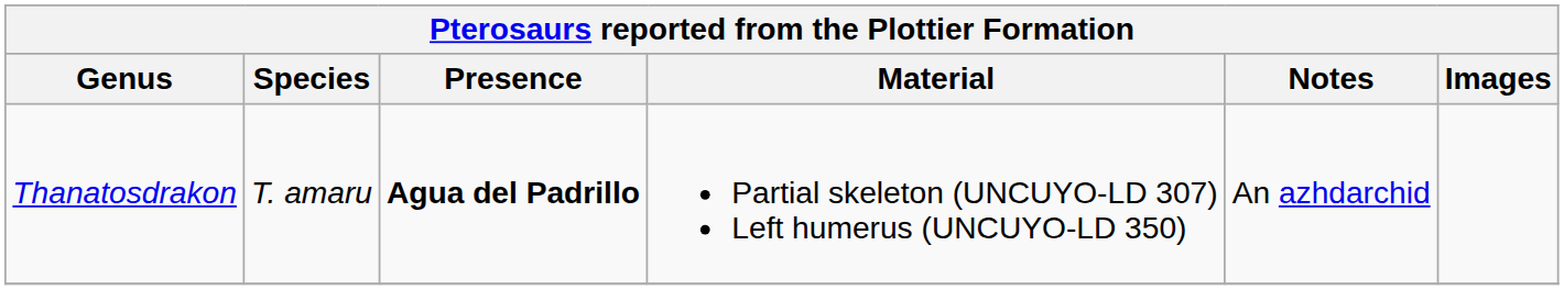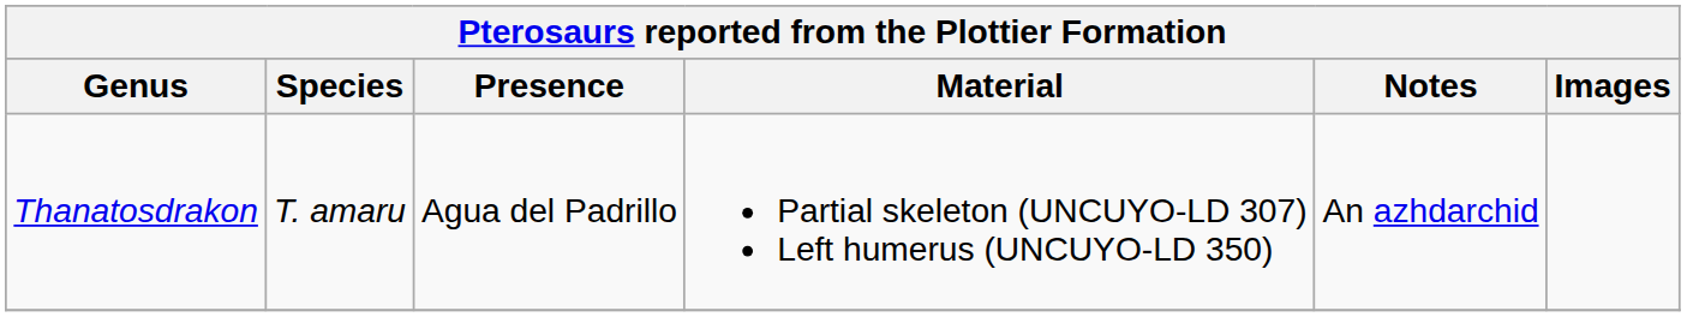 <table class="wikitable" align="center">
 <tr>
 <th colspan="6" align="center"><strong><a href='#'>Pterosaurs</a> reported from the Plottier Formation</strong></th>
 </tr>
 <tr>
 <th>Genus</th>
 <th>Species</th>
 <th>Presence</th>
 <th><strong>Material</strong></th>
 <th>Notes</th>
 <th>Images</th>
 </tr>
 <tr>
 <td><em><a href='#'>Thanatosdrakon</a></em></td>
 <td><em>T. amaru</em></td>
-<td><strong>Agua del Padrillo</strong></td>
+<td>Agua del Padrillo</td>
 <td><br><ul><li>Partial skeleton (UNCUYO-LD 307)</li><li>Left humerus (UNCUYO-LD 350)</li></ul></td>
 <td>An <a href='#'>azhdarchid</a></td>
 <td></td>
 </tr>
 <tr>
 </tr>
 </table>
